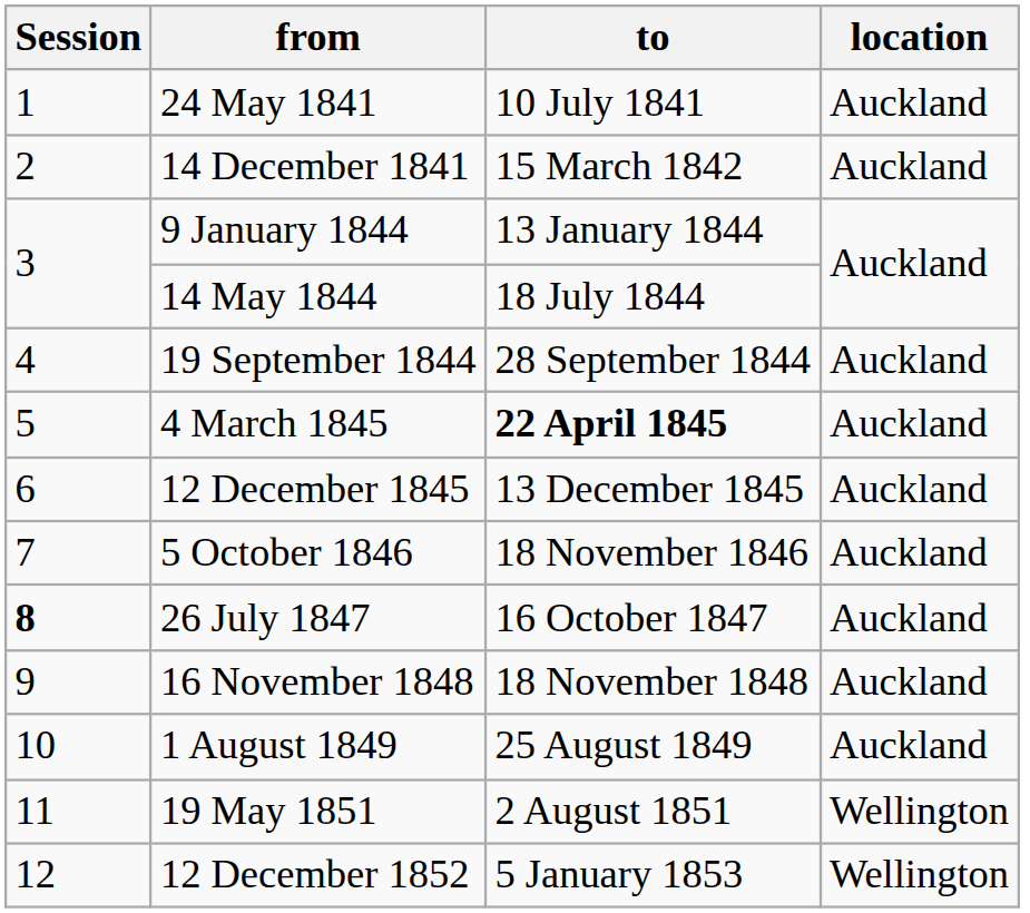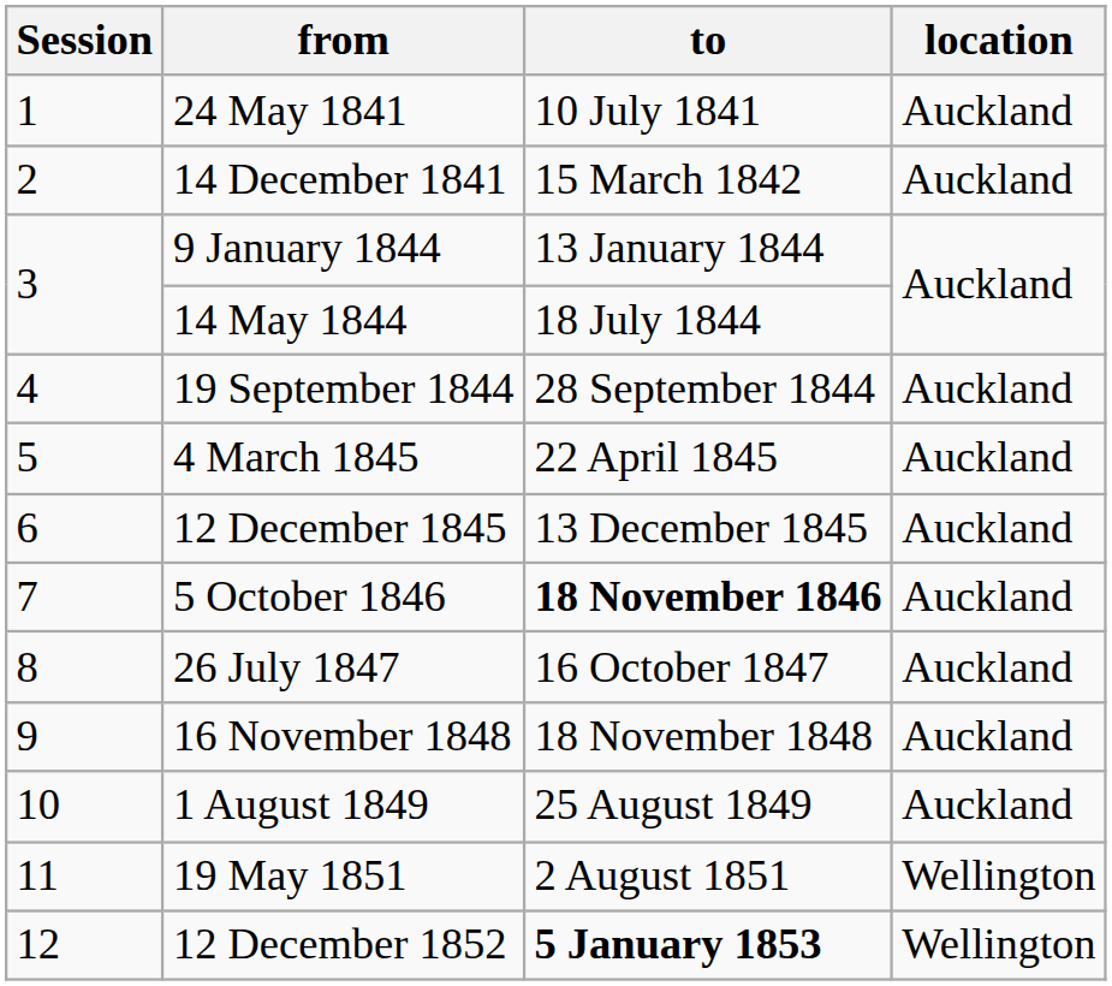 <table class="wikitable" style=align-center>
 <tr>
 <th>Session</th>
 <th>from</th>
 <th>to</th>
 <th>location</th>
 </tr>
 <tr>
 <td>1</td>
 <td>24 May 1841</td>
 <td>10 July 1841</td>
 <td>Auckland</td>
 </tr>
 <tr>
 <td>2</td>
 <td>14 December 1841</td>
 <td>15 March 1842</td>
 <td>Auckland</td>
 </tr>
 <tr>
 <td rowspan=2>3</td>
 <td>9 January 1844</td>
 <td>13 January 1844</td>
 <td rowspan=2>Auckland</td>
 </tr>
 <tr>
 <td>14 May 1844</td>
 <td>18 July 1844</td>
 </tr>
 <tr>
 <td>4</td>
 <td>19 September 1844</td>
 <td>28 September 1844</td>
 <td>Auckland</td>
 </tr>
 <tr>
 <td>5</td>
 <td>4 March 1845</td>
-<td><strong>22 April 1845</strong></td>
+<td>22 April 1845</td>
 <td>Auckland</td>
 </tr>
 <tr>
 <td>6</td>
 <td>12 December 1845</td>
 <td>13 December 1845</td>
 <td>Auckland</td>
 </tr>
 <tr>
 <td>7</td>
 <td>5 October 1846</td>
-<td>18 November 1846</td>
+<td><strong>18 November 1846</strong></td>
 <td>Auckland</td>
 </tr>
 <tr>
-<td><strong>8</strong></td>
+<td>8</td>
 <td>26 July 1847</td>
 <td>16 October 1847</td>
 <td>Auckland</td>
 </tr>
 <tr>
 <td>9</td>
 <td>16 November 1848</td>
 <td>18 November 1848</td>
 <td>Auckland</td>
 </tr>
 <tr>
 <td>10</td>
 <td>1 August 1849</td>
 <td>25 August 1849</td>
 <td>Auckland</td>
 </tr>
 <tr>
 <td>11</td>
 <td>19 May 1851</td>
 <td>2 August 1851</td>
 <td>Wellington</td>
 </tr>
 <tr>
 <td>12</td>
 <td>12 December 1852</td>
-<td>5 January 1853</td>
+<td><strong>5 January 1853</strong></td>
 <td>Wellington</td>
 </tr>
 </table>
